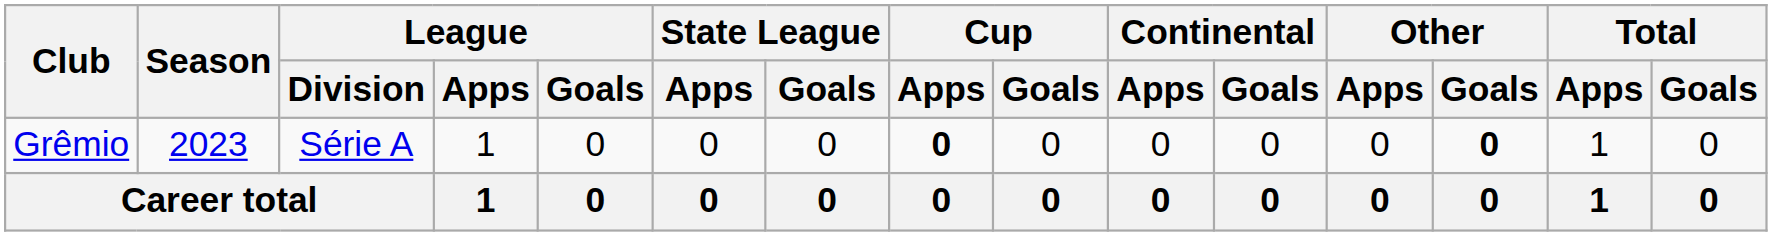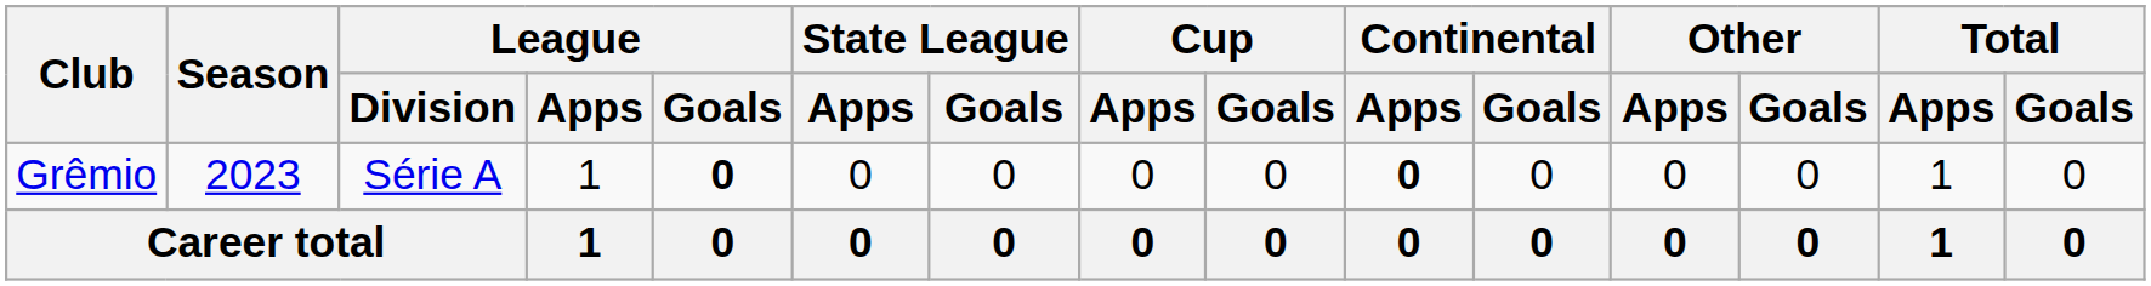 <table class=wikitable style=text-align:center>
 <tr>
 <th rowspan=2>Club</th>
 <th rowspan=2>Season</th>
 <th colspan=3>League</th>
 <th colspan=2>State League</th>
 <th colspan=2>Cup</th>
 <th colspan=2>Continental</th>
 <th colspan=2>Other</th>
 <th colspan=2>Total</th>
 </tr>
 <tr>
 <th>Division</th>
 <th>Apps</th>
 <th>Goals</th>
 <th>Apps</th>
 <th>Goals</th>
 <th>Apps</th>
 <th>Goals</th>
 <th>Apps</th>
 <th>Goals</th>
 <th>Apps</th>
 <th>Goals</th>
 <th>Apps</th>
 <th>Goals</th>
 </tr>
 <tr>
 <td><a href='#'>Grêmio</a></td>
 <td><a href='#'>2023</a></td>
 <td><a href='#'>Série A</a></td>
 <td>1</td>
+<td><strong>0</strong></td>
+<td>0</td>
 <td>0</td>
 <td>0</td>
 <td>0</td>
 <td><strong>0</strong></td>
 <td>0</td>
 <td>0</td>
 <td>0</td>
-<td>0</td>
-<td><strong>0</strong></td>
 <td>1</td>
 <td>0</td>
 </tr>
 <tr>
 <th colspan=3>Career total</th>
 <th>1</th>
 <th>0</th>
 <th>0</th>
 <th>0</th>
 <th>0</th>
 <th>0</th>
 <th>0</th>
 <th>0</th>
 <th>0</th>
 <th>0</th>
 <th>1</th>
 <th>0</th>
 </tr>
 </table>
